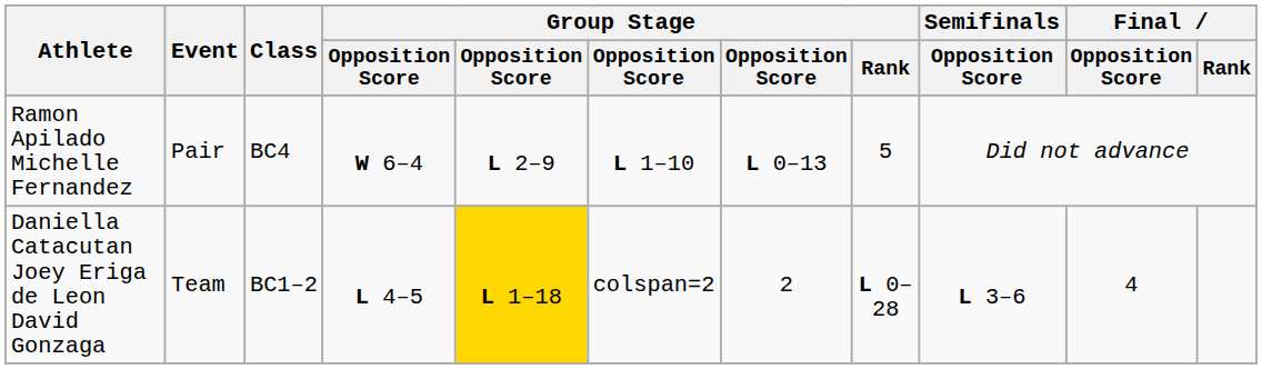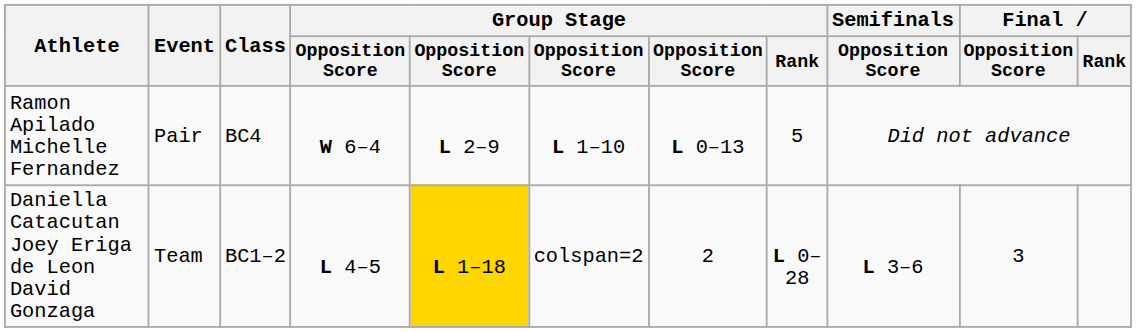 <table class="wikitable" style="font-size:85%">
 <tr>
 <th rowspan=2>Athlete</th>
 <th rowspan=2>Event</th>
 <th rowspan=2>Class</th>
 <th colspan=5>Group Stage</th>
 <th>Semifinals</th>
 <th colspan=2>Final / </th>
 </tr>
 <tr style="font-size:90%">
 <th>Opposition<br>Score</th>
 <th>Opposition<br>Score</th>
 <th>Opposition<br>Score</th>
 <th>Opposition<br>Score</th>
 <th>Rank</th>
 <th>Opposition<br>Score</th>
 <th>Opposition<br>Score</th>
 <th>Rank</th>
 </tr>
 <tr align=center>
 <td align=left>Ramon Apilado<br>Michelle Fernandez</td>
 <td align=left>Pair</td>
 <td align=left>BC4</td>
 <td><br><strong>W</strong> 6–4</td>
 <td><br><strong>L</strong> 2–9</td>
 <td><br><strong>L</strong> 1–10</td>
 <td><br><strong>L</strong> 0–13</td>
 <td>5</td>
 <td colspan=3><em>Did not advance</em></td>
 </tr>
 <tr align=center>
 <td align=left>Daniella Catacutan<br>Joey Eriga de Leon<br>David Gonzaga</td>
 <td align=left>Team</td>
 <td align=left>BC1–2</td>
 <td><br><strong>L</strong> 4–5</td>
 <td style="background: gold;"><br><strong>L</strong> 1–18</td>
 <td>colspan=2 </td>
 <td>2</td>
 <td><br><strong>L</strong> 0–28</td>
 <td><br><strong>L</strong> 3–6</td>
-<td>4</td>
+<td>3</td>
 </tr>
 </table>
